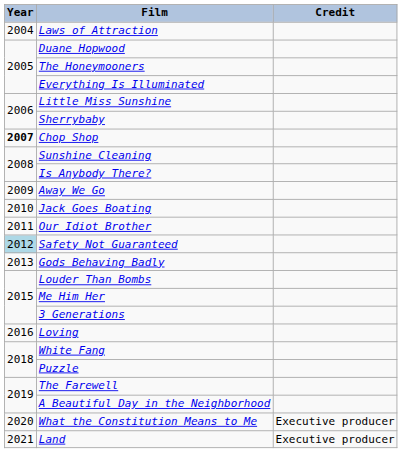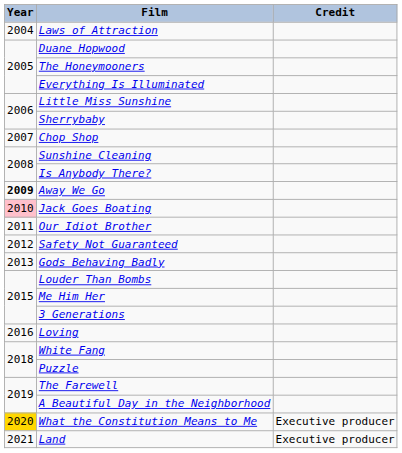 <table class="wikitable" style="font-size:95%;">
 <tr>
 <th style="background:#B0C4DE;">Year</th>
 <th style="background:#B0C4DE;">Film</th>
 <th style="background:#B0C4DE;">Credit</th>
 </tr>
 <tr>
 <td>2004</td>
 <td><em><a href='#'>Laws of Attraction</a></em></td>
 <td></td>
 </tr>
 <tr>
 <td rowspan=3>2005</td>
 <td><em><a href='#'>Duane Hopwood</a></em></td>
 <td></td>
 </tr>
 <tr>
 <td><em><a href='#'>The Honeymooners</a></em></td>
 <td></td>
 </tr>
 <tr>
 <td><em><a href='#'>Everything Is Illuminated</a></em></td>
 <td></td>
 </tr>
 <tr>
 <td rowspan=2>2006</td>
 <td><em><a href='#'>Little Miss Sunshine</a></em></td>
 <td></td>
 </tr>
 <tr>
 <td><em><a href='#'>Sherrybaby</a></em></td>
 <td></td>
 </tr>
 <tr>
-<td><strong>2007</strong></td>
+<td>2007</td>
 <td><em><a href='#'>Chop Shop</a></em></td>
 <td></td>
 </tr>
 <tr>
 <td rowspan=2>2008</td>
 <td><em><a href='#'>Sunshine Cleaning</a></em></td>
 <td></td>
 </tr>
 <tr>
 <td><em><a href='#'>Is Anybody There?</a></em></td>
 <td></td>
 </tr>
 <tr>
-<td>2009</td>
+<td><strong>2009</strong></td>
 <td><em><a href='#'>Away We Go</a></em></td>
 <td></td>
 </tr>
 <tr>
-<td>2010</td>
+<td style="background: pink;">2010</td>
 <td><em><a href='#'>Jack Goes Boating</a></em></td>
 <td></td>
 </tr>
 <tr>
 <td>2011</td>
 <td><em><a href='#'>Our Idiot Brother</a></em></td>
 <td></td>
 </tr>
 <tr>
-<td style="background: lightblue;">2012</td>
+<td>2012</td>
 <td><em><a href='#'>Safety Not Guaranteed</a></em></td>
 <td></td>
 </tr>
 <tr>
 <td>2013</td>
 <td><em><a href='#'>Gods Behaving Badly</a></em></td>
 <td></td>
 </tr>
 <tr>
 <td rowspan=3>2015</td>
 <td><em><a href='#'>Louder Than Bombs</a></em></td>
 <td></td>
 </tr>
 <tr>
 <td><em><a href='#'>Me Him Her</a></em></td>
 <td></td>
 </tr>
 <tr>
 <td><em><a href='#'>3 Generations</a></em></td>
 <td></td>
 </tr>
 <tr>
 <td>2016</td>
 <td><em><a href='#'>Loving</a></em></td>
 <td></td>
 </tr>
 <tr>
 <td rowspan=2>2018</td>
 <td><em><a href='#'>White Fang</a></em></td>
 <td></td>
 </tr>
 <tr>
 <td><em><a href='#'>Puzzle</a></em></td>
 <td></td>
 </tr>
 <tr>
 <td rowspan=2>2019</td>
 <td><em><a href='#'>The Farewell</a></em></td>
 <td></td>
 </tr>
 <tr>
 <td><em><a href='#'>A Beautiful Day in the Neighborhood</a></em></td>
 <td></td>
 </tr>
 <tr>
-<td>2020</td>
+<td style="background: gold;">2020</td>
 <td><em><a href='#'>What the Constitution Means to Me</a></em></td>
 <td>Executive producer</td>
 </tr>
 <tr>
 <td>2021</td>
 <td><em><a href='#'>Land</a></em></td>
 <td>Executive producer</td>
 </tr>
 </table>
